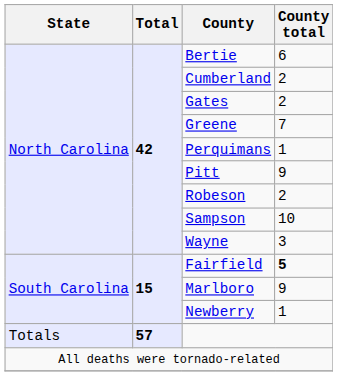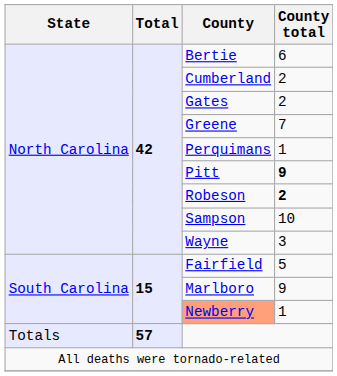 <table class="wikitable" style="margin:0 0 0.5em 1em;float:right;">
 <tr>
 <th><strong>State</strong></th>
 <th><strong>Total</strong></th>
 <th><strong>County</strong></th>
 <th><strong>County<br>total</strong></th>
 </tr>
 <tr>
 <td rowspan=9 bgcolor="#e6e9ff"><a href='#'>North Carolina</a></td>
 <td rowspan=9 bgcolor="#e6e9ff"><strong>42</strong></td>
 <td><a href='#'>Bertie</a></td>
 <td>6</td>
 </tr>
 <tr>
 <td><a href='#'>Cumberland</a></td>
 <td>2</td>
 </tr>
 <tr>
 <td><a href='#'>Gates</a></td>
 <td>2</td>
 </tr>
 <tr>
 <td><a href='#'>Greene</a></td>
 <td>7</td>
 </tr>
 <tr>
 <td><a href='#'>Perquimans</a></td>
 <td>1</td>
 </tr>
 <tr>
 <td><a href='#'>Pitt</a></td>
-<td>9</td>
+<td><strong>9</strong></td>
 </tr>
 <tr>
 <td><a href='#'>Robeson</a></td>
-<td>2</td>
+<td><strong>2</strong></td>
 </tr>
 <tr>
 <td><a href='#'>Sampson</a></td>
 <td>10</td>
 </tr>
 <tr>
 <td><a href='#'>Wayne</a></td>
 <td>3</td>
 </tr>
 <tr>
 <td rowspan=3 bgcolor="#e6e9ff"><a href='#'>South Carolina</a></td>
 <td rowspan=3 bgcolor="#e6e9ff"><strong>15</strong></td>
 <td><a href='#'>Fairfield</a></td>
-<td><strong>5</strong></td>
+<td>5</td>
 </tr>
 <tr>
 <td><a href='#'>Marlboro</a></td>
 <td>9</td>
 </tr>
 <tr>
-<td><a href='#'>Newberry</a></td>
+<td style="background: lightsalmon;"><a href='#'>Newberry</a></td>
 <td>1</td>
 </tr>
 <tr>
 <td bgcolor="#e6e9ff">Totals</td>
 <td bgcolor="#e6e9ff"><strong>57</strong></td>
 <td colspan=2></td>
 </tr>
 <tr>
 <td colspan=4 align=center><small>All deaths were tornado-related</small></td>
 </tr>
 <tr>
 </tr>
 </table>
